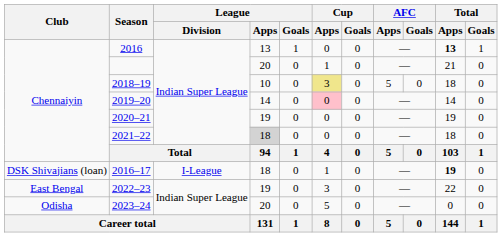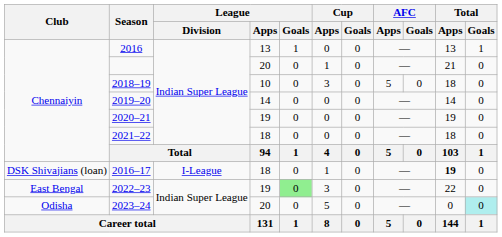 <table class="wikitable" style="text-align: center;">
 <tr>
 <th rowspan="2">Club</th>
 <th rowspan="2">Season</th>
 <th colspan="3">League</th>
 <th colspan="2">Cup</th>
 <th colspan="2"><a href='#'>AFC</a></th>
 <th colspan="2">Total</th>
 </tr>
 <tr>
 <th>Division</th>
 <th>Apps</th>
 <th>Goals</th>
 <th>Apps</th>
 <th>Goals</th>
 <th>Apps</th>
 <th>Goals</th>
 <th>Apps</th>
 <th>Goals</th>
 </tr>
 <tr>
 <td rowspan="7"><a href='#'>Chennaiyin</a></td>
 <td><a href='#'>2016</a></td>
 <td rowspan="6"><a href='#'>Indian Super League</a></td>
 <td>13</td>
 <td>1</td>
 <td>0</td>
 <td>0</td>
 <td colspan="2">—</td>
-<td><strong>13</strong></td>
+<td>13</td>
 <td>1</td>
 </tr>
 <tr>
 <td></td>
 <td>20</td>
 <td>0</td>
 <td>1</td>
 <td>0</td>
 <td colspan="2">—</td>
 <td>21</td>
 <td>0</td>
 </tr>
 <tr>
 <td><a href='#'>2018–19</a></td>
 <td>10</td>
 <td>0</td>
-<td style="background: khaki;">3</td>
+<td>3</td>
 <td>0</td>
 <td>5</td>
 <td>0</td>
 <td>18</td>
 <td>0</td>
 </tr>
 <tr>
 <td><a href='#'>2019–20</a></td>
 <td>14</td>
 <td>0</td>
-<td style="background: pink;">0</td>
+<td>0</td>
 <td>0</td>
 <td colspan="2">—</td>
 <td>14</td>
 <td>0</td>
 </tr>
 <tr>
 <td><a href='#'>2020–21</a></td>
 <td>19</td>
 <td>0</td>
 <td>0</td>
 <td>0</td>
 <td colspan="2">—</td>
 <td>19</td>
 <td>0</td>
 </tr>
 <tr>
 <td><a href='#'>2021–22</a></td>
-<td style="background: lightgrey;">18</td>
+<td>18</td>
 <td>0</td>
 <td>0</td>
 <td>0</td>
 <td colspan="2">—</td>
 <td>18</td>
 <td>0</td>
 </tr>
 <tr>
 <th colspan="2">Total</th>
 <th>94</th>
 <th>1</th>
 <th>4</th>
 <th>0</th>
 <th>5</th>
 <th>0</th>
 <th>103</th>
 <th>1</th>
 </tr>
 <tr>
 <td rowspan="1"><a href='#'>DSK Shivajians</a> (loan)</td>
 <td><a href='#'>2016–17</a></td>
 <td rowspan="1"><a href='#'>I-League</a></td>
 <td>18</td>
 <td>0</td>
 <td>1</td>
 <td>0</td>
 <td colspan="2">—</td>
 <td><strong>19</strong></td>
 <td>0</td>
 </tr>
 <tr>
 <td rowspan="1"><a href='#'>East Bengal</a></td>
 <td><a href='#'>2022–23</a></td>
 <td rowspan="2">Indian Super League</td>
 <td>19</td>
-<td>0</td>
+<td style="background: lightgreen;">0</td>
 <td>3</td>
 <td>0</td>
 <td colspan="2">—</td>
 <td>22</td>
 <td>0</td>
 </tr>
 <tr>
 <td rowspan="1"><a href='#'>Odisha</a></td>
 <td><a href='#'>2023–24</a></td>
 <td>20</td>
 <td>0</td>
 <td>5</td>
 <td>0</td>
 <td colspan="2">—</td>
 <td>0</td>
-<td>0</td>
+<td style="background: paleturquoise;">0</td>
 </tr>
 <tr>
 <th colspan="3">Career total</th>
 <th>131</th>
 <th>1</th>
 <th>8</th>
 <th>0</th>
 <th>5</th>
 <th>0</th>
 <th>144</th>
 <th>1</th>
 </tr>
 </table>
